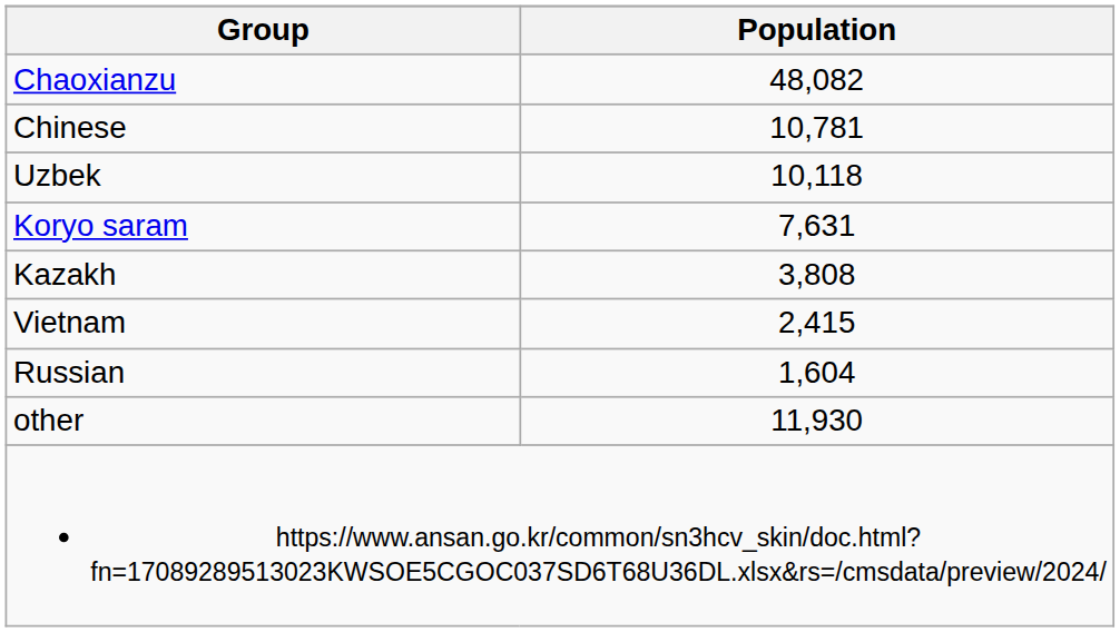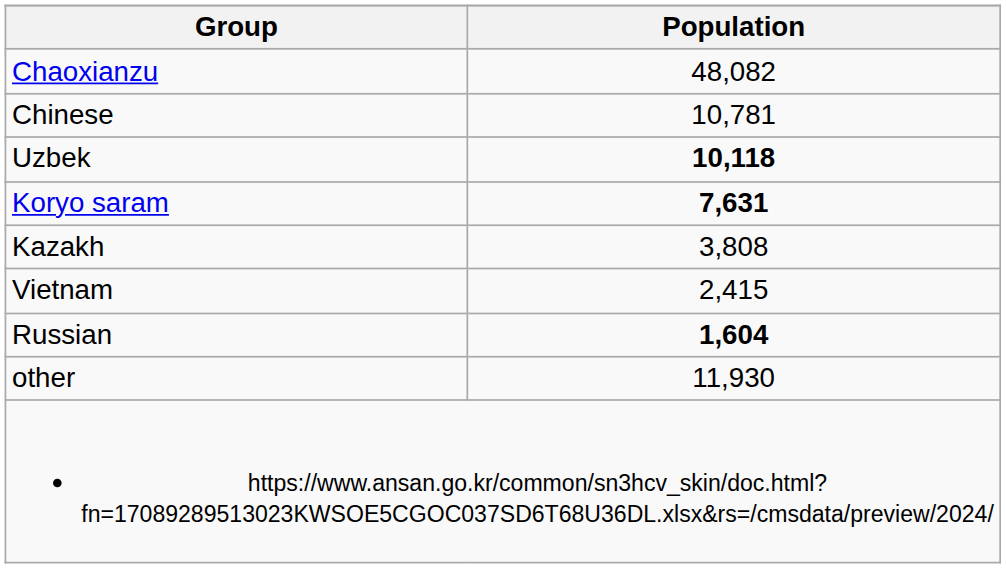 <table class="wikitable" style="float:right; text-align:center; margin:1em;">
 <tr>
 </tr>
 <tr>
 <th style="width:6em;">Group</th>
 <th style="width:7em;">Population</th>
 </tr>
 <tr>
 <td align=left><a href='#'>Chaoxianzu</a></td>
 <td>48,082</td>
 </tr>
 <tr>
 <td align=left>Chinese</td>
 <td>10,781</td>
 </tr>
 <tr>
 <td align=left>Uzbek</td>
-<td>10,118</td>
+<td><strong>10,118</strong></td>
 </tr>
 <tr>
 <td align=left><a href='#'>Koryo saram</a></td>
-<td>7,631</td>
+<td><strong>7,631</strong></td>
 </tr>
 <tr>
 <td align=left>Kazakh</td>
 <td>3,808</td>
 </tr>
 <tr>
 <td align=left>Vietnam</td>
 <td>2,415</td>
 </tr>
 <tr>
 <td align=left>Russian</td>
-<td>1,604</td>
+<td><strong>1,604</strong></td>
 </tr>
 <tr>
 <td align=left>other</td>
 <td>11,930</td>
 </tr>
 <tr>
 <td colspan=4><br><ul><li><small> https://www.ansan.go.kr/common/sn3hcv_skin/doc.html?fn=17089289513023KWSOE5CGOC037SD6T68U36DL.xlsx&rs=/cmsdata/preview/2024/</small></li></ul></td>
 </tr>
 </table>
